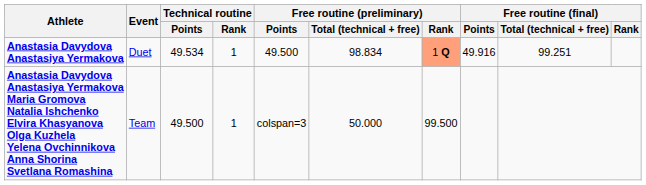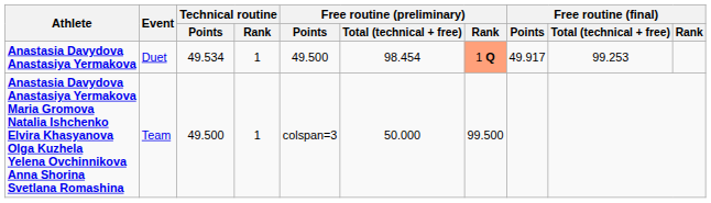 <table class="wikitable" style="font-size:90%">
 <tr>
 <th rowspan="2">Athlete</th>
 <th rowspan="2">Event</th>
 <th colspan=2>Technical routine</th>
 <th colspan=3>Free routine (preliminary)</th>
 <th colspan=3>Free routine (final)</th>
 </tr>
 <tr style="font-size:95%">
 <th>Points</th>
 <th>Rank</th>
 <th>Points</th>
 <th>Total (technical + free)</th>
 <th>Rank</th>
 <th>Points</th>
 <th>Total (technical + free)</th>
 <th>Rank</th>
 </tr>
 <tr align=center>
 <td align=left><strong><a href='#'>Anastasia Davydova</a><br><a href='#'>Anastasiya Yermakova</a></strong></td>
 <td align=left><a href='#'>Duet</a></td>
 <td>49.534</td>
 <td>1</td>
 <td>49.500</td>
-<td>98.834</td>
+<td>98.454</td>
 <td style="background: lightsalmon;">1 <strong>Q</strong></td>
-<td>49.916</td>
-<td>99.251</td>
+<td>49.917</td>
+<td>99.253</td>
 <td></td>
 </tr>
 <tr align=center>
 <td align=left><strong><a href='#'>Anastasia Davydova</a><br><a href='#'>Anastasiya Yermakova</a><br><a href='#'>Maria Gromova</a><br><a href='#'>Natalia Ishchenko</a><br><a href='#'>Elvira Khasyanova</a><br><a href='#'>Olga Kuzhela</a><br><a href='#'>Yelena Ovchinnikova</a><br><a href='#'>Anna Shorina</a><br><a href='#'>Svetlana Romashina</a></strong></td>
 <td align=left><a href='#'>Team</a></td>
 <td>49.500</td>
 <td>1</td>
 <td>colspan=3 </td>
 <td>50.000</td>
 <td>99.500</td>
 <td></td>
 </tr>
 </table>
